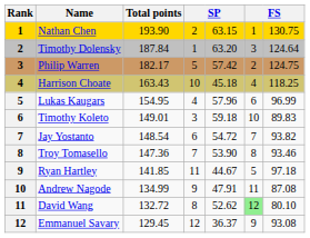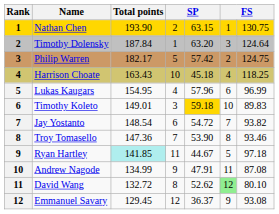 <table class="wikitable sortable">
 <tr>
 <th>Rank</th>
 <th>Name</th>
 <th>Total points</th>
 <th colspan="2" width="80px"><a href='#'>SP</a></th>
 <th colspan="2" width="80px"><a href='#'>FS</a></th>
 </tr>
 <tr bgcolor="gold">
 <td align="center"><strong>1</strong></td>
 <td><a href='#'>Nathan Chen</a></td>
 <td align="center">193.90</td>
 <td align="center">2</td>
 <td align="center">63.15</td>
 <td align="center">1</td>
 <td align="center">130.75</td>
 </tr>
 <tr bgcolor="silver">
 <td align="center"><strong>2</strong></td>
 <td><a href='#'>Timothy Dolensky</a></td>
 <td align="center">187.84</td>
 <td align="center">1</td>
 <td align="center">63.20</td>
 <td align="center">3</td>
 <td align="center">124.64</td>
 </tr>
 <tr bgcolor="cc9966">
 <td align="center"><strong>3</strong></td>
 <td><a href='#'>Philip Warren</a></td>
 <td align="center">182.17</td>
 <td align="center">5</td>
 <td align="center">57.42</td>
 <td align="center">2</td>
 <td align="center">124.75</td>
 </tr>
 <tr bgcolor="#d1c571">
 <td align="center"><strong>4</strong></td>
 <td><a href='#'>Harrison Choate</a></td>
 <td align="center">163.43</td>
 <td align="center">10</td>
 <td align="center">45.18</td>
 <td align="center">4</td>
 <td align="center">118.25</td>
 </tr>
 <tr>
 <th>5</th>
 <td><a href='#'>Lukas Kaugars</a></td>
 <td align="center">154.95</td>
 <td align="center">4</td>
 <td align="center">57.96</td>
 <td align="center">6</td>
 <td align="center">96.99</td>
 </tr>
 <tr>
 <th>6</th>
 <td><a href='#'>Timothy Koleto</a></td>
 <td align="center">149.01</td>
 <td align="center">3</td>
-<td align="center">59.18</td>
+<td align="center" style="background: gold;">59.18</td>
 <td align="center">10</td>
 <td align="center">89.83</td>
 </tr>
 <tr>
 <th>7</th>
 <td><a href='#'>Jay Yostanto</a></td>
 <td align="center">148.54</td>
 <td align="center">6</td>
 <td align="center">54.72</td>
 <td align="center">7</td>
 <td align="center">93.82</td>
 </tr>
 <tr>
 <th>8</th>
 <td><a href='#'>Troy Tomasello</a></td>
 <td align="center">147.36</td>
 <td align="center">7</td>
 <td align="center">53.90</td>
 <td align="center">8</td>
 <td align="center">93.46</td>
 </tr>
 <tr>
 <th>9</th>
 <td><a href='#'>Ryan Hartley</a></td>
-<td align="center">141.85</td>
+<td align="center" style="background: paleturquoise;">141.85</td>
 <td align="center">11</td>
 <td align="center">44.67</td>
 <td align="center">5</td>
 <td align="center">97.18</td>
 </tr>
 <tr>
 <th>10</th>
 <td><a href='#'>Andrew Nagode</a></td>
 <td align="center">134.99</td>
 <td align="center">9</td>
 <td align="center">47.91</td>
 <td align="center">11</td>
 <td align="center">87.08</td>
 </tr>
 <tr>
 <th>11</th>
 <td><a href='#'>David Wang</a></td>
 <td align="center">132.72</td>
 <td align="center">8</td>
 <td align="center">52.62</td>
 <td align="center" style="background: lightgreen;">12</td>
 <td align="center">80.10</td>
 </tr>
 <tr>
 <th>12</th>
 <td><a href='#'>Emmanuel Savary</a></td>
 <td align="center">129.45</td>
 <td align="center">12</td>
 <td align="center">36.37</td>
 <td align="center">9</td>
 <td align="center">93.08</td>
 </tr>
 </table>
